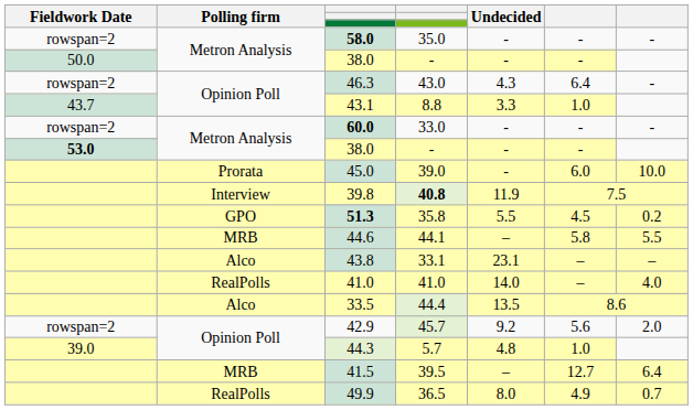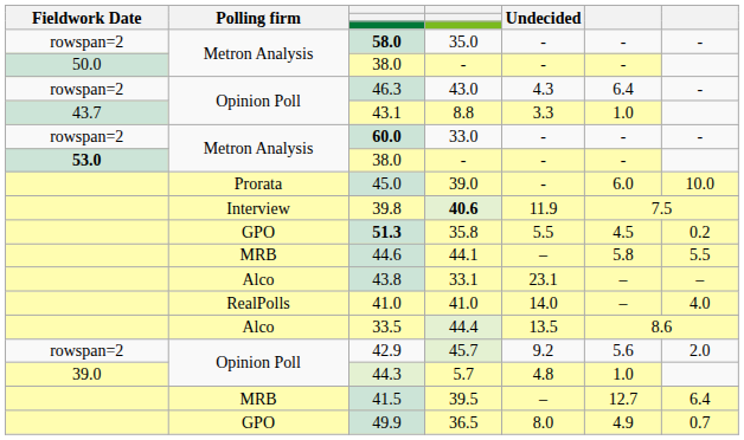 <table class="wikitable" style="text-align:center; font-size:90%; line-height:14px;">
 <tr>
 <th style="width:135px;" rowspan="3">Fieldwork Date</th>
 <th style="width:150px;" rowspan="3">Polling firm</th>
 <th style="width:60px;"></th>
 <th style="width:60px;"></th>
 <th style="width:60px;" rowspan="3">Undecided</th>
 <th style="width:60px;" rowspan="3"></th>
 <th style="width:60px;" rowspan="3"></th>
 </tr>
 <tr>
 <th></th>
 <th></th>
 </tr>
 <tr>
 <th style="color:inherit;background:#007838;"></th>
 <th style="color:inherit;background:#7ABA1E;"></th>
 </tr>
 <tr>
 <td>rowspan=2 </td>
 <td rowspan=2>Metron Analysis</td>
 <td style="background:#CCE4D7"><strong>58.0</strong></td>
 <td>35.0</td>
 <td>-</td>
 <td>-</td>
 <td>-</td>
 </tr>
 <tr style=background:#fffdb0>
 <td style="background:#CCE4D7">50.0</td>
 <td>38.0</td>
 <td>-</td>
 <td>-</td>
 <td>-</td>
 </tr>
 <tr>
 <td>rowspan=2 </td>
 <td rowspan=2>Opinion Poll</td>
 <td style="background:#CCE4D7">46.3</td>
 <td>43.0</td>
 <td>4.3</td>
 <td>6.4</td>
 <td>-</td>
 </tr>
 <tr style=background:#fffdb0>
 <td style="background:#CCE4D7">43.7</td>
 <td>43.1</td>
 <td>8.8</td>
 <td>3.3</td>
 <td>1.0</td>
 </tr>
 <tr>
 <td>rowspan=2 </td>
 <td rowspan=2>Metron Analysis</td>
 <td style="background:#CCE4D7"><strong>60.0</strong></td>
 <td>33.0</td>
 <td>-</td>
 <td>-</td>
 <td>-</td>
 </tr>
 <tr style=background:#fffdb0>
 <td style="background:#CCE4D7"><strong>53.0</strong></td>
 <td>38.0</td>
 <td>-</td>
 <td>-</td>
 <td>-</td>
 </tr>
 <tr style=background:#fffdb0>
 <td></td>
 <td>Prorata</td>
 <td style="background:#CCE4D7">45.0</td>
 <td>39.0</td>
 <td>-</td>
 <td>6.0</td>
 <td>10.0</td>
 </tr>
 <tr style=background:#fffdb0>
 <td></td>
 <td>Interview</td>
 <td>39.8</td>
-<td style="background:#E4F1D2"><strong>40.8</strong></td>
+<td style="background:#E4F1D2"><strong>40.6</strong></td>
 <td>11.9</td>
 <td colspan="2">7.5</td>
 </tr>
 <tr style=background:#fffdb0>
 <td></td>
 <td>GPO</td>
 <td style="background:#CCE4D7"><strong>51.3</strong></td>
 <td>35.8</td>
 <td>5.5</td>
 <td>4.5</td>
 <td>0.2</td>
 </tr>
 <tr style=background:#fffdb0>
 <td></td>
 <td>MRB</td>
 <td style="background:#CCE4D7">44.6</td>
 <td>44.1</td>
 <td>–</td>
 <td>5.8</td>
 <td>5.5</td>
 </tr>
 <tr style=background:#fffdb0>
 <td></td>
 <td>Alco</td>
 <td style="background:#CCE4D7">43.8</td>
 <td>33.1</td>
 <td>23.1</td>
 <td>–</td>
 <td>–</td>
 </tr>
 <tr style=background:#fffdb0>
 <td></td>
 <td>RealPolls</td>
 <td>41.0</td>
 <td>41.0</td>
 <td>14.0</td>
 <td>–</td>
 <td>4.0</td>
 </tr>
 <tr style=background:#fffdb0>
 <td></td>
 <td>Alco</td>
 <td>33.5</td>
 <td style="background:#E4F1D2">44.4</td>
 <td>13.5</td>
 <td colspan="2">8.6</td>
 </tr>
 <tr>
 <td>rowspan=2 </td>
 <td rowspan=2>Opinion Poll</td>
 <td>42.9</td>
 <td style="background:#E4F1D2">45.7</td>
 <td>9.2</td>
 <td>5.6</td>
 <td>2.0</td>
 </tr>
 <tr style=background:#fffdb0>
 <td>39.0</td>
 <td style="background:#E4F1D2">44.3</td>
 <td>5.7</td>
 <td>4.8</td>
 <td>1.0</td>
 </tr>
 <tr style=background:#fffdb0>
 <td></td>
 <td>MRB</td>
 <td style="background:#CCE4D7">41.5</td>
 <td>39.5</td>
 <td>–</td>
 <td>12.7</td>
 <td>6.4</td>
 </tr>
 <tr style=background:#fffdb0>
 <td></td>
-<td>RealPolls</td>
+<td>GPO</td>
 <td style="background:#CCE4D7">49.9</td>
 <td>36.5</td>
 <td>8.0</td>
 <td>4.9</td>
 <td>0.7</td>
 </tr>
 </table>
